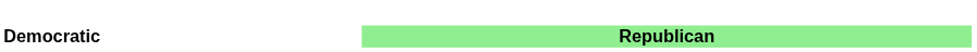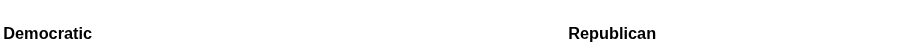 <table style="width:70%; text-align:center">
 <tr style="color:white">
 <td style="background:"><strong>172</strong></td>
 <td style="background:"><strong>219</strong></td>
 </tr>
 <tr>
 <td><span><strong>Democratic</strong></span></td>
-<td style="background: lightgreen;"><span><strong>Republican</strong></span></td>
+<td><span><strong>Republican</strong></span></td>
 </tr>
 </table>
